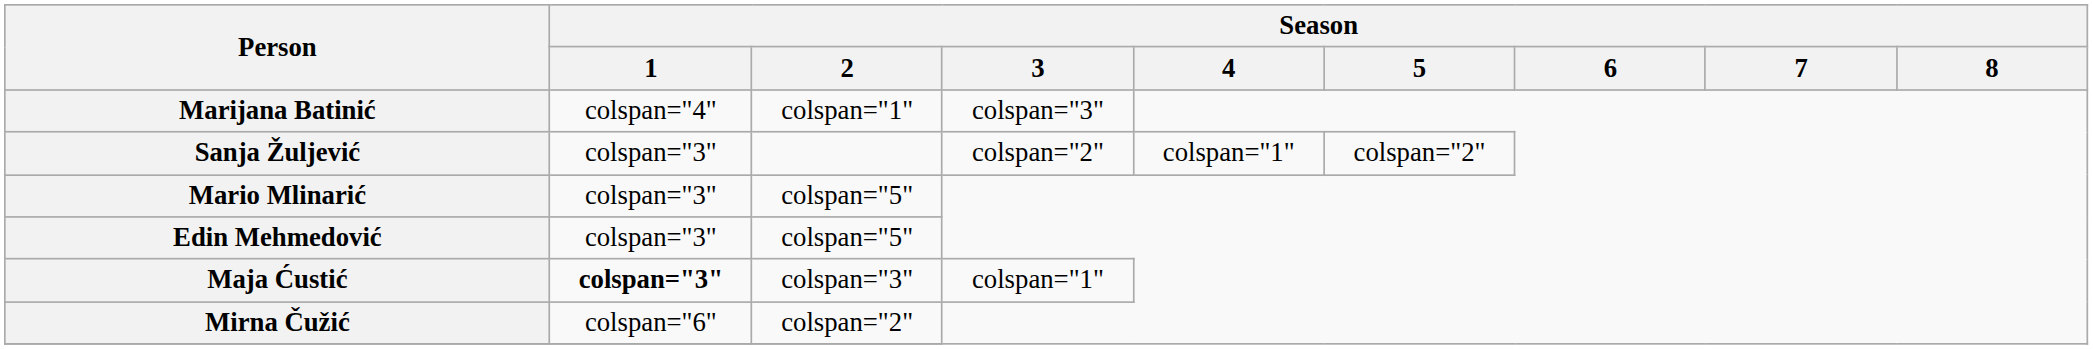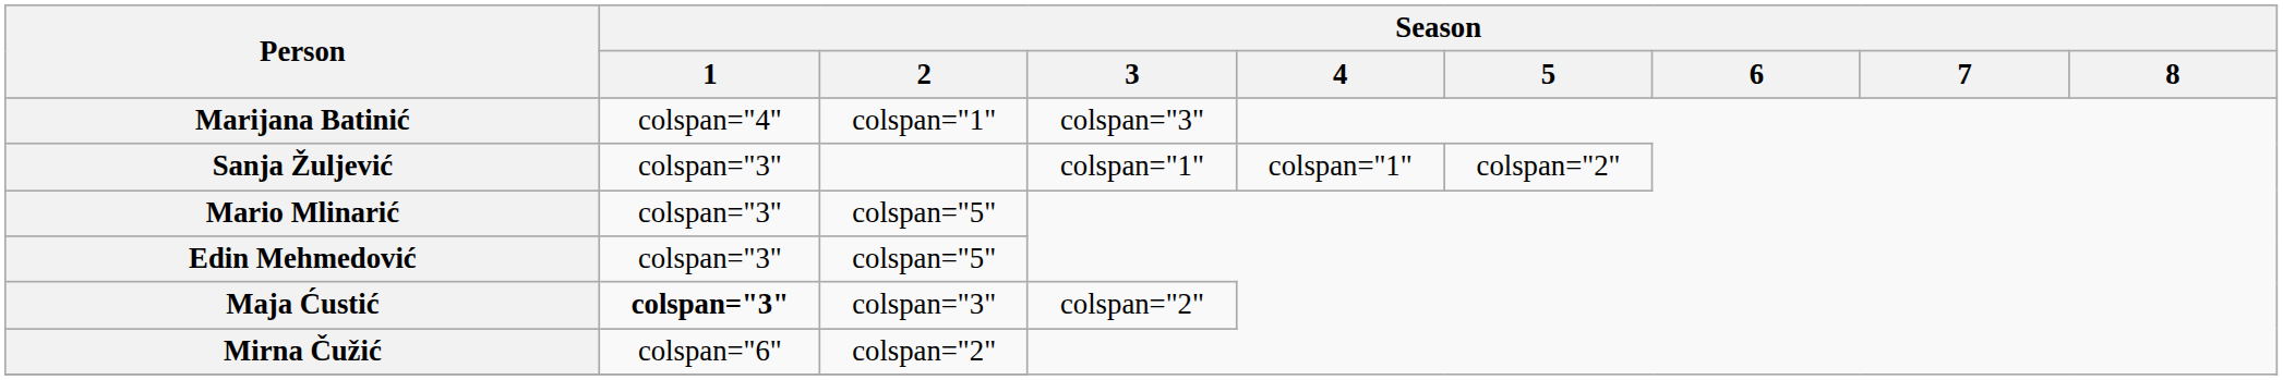 <table class="wikitable plainrowheaders" style="text-align:center">
 <tr>
 <th rowspan="2" style="width:20%;" scope="col">Person</th>
 <th colspan="8">Season</th>
 </tr>
 <tr>
 <th style="width:7%;" scope="colspan">1</th>
 <th style="width:7%;" scope="colspan">2</th>
 <th style="width:7%;" scope="colspan">3</th>
 <th style="width:7%;" scope="colspan">4</th>
 <th style="width:7%;" scope="colspan">5</th>
 <th style="width:7%;" scope="colspan">6</th>
 <th style="width:7%;" scope="colspan">7</th>
 <th style="width:7%;" scope="colspan">8</th>
 </tr>
 <tr>
 <th scope="row" style="text-align: center;">Marijana Batinić</th>
 <td>colspan="4" </td>
 <td>colspan="1" </td>
 <td>colspan="3" </td>
 </tr>
 <tr>
 <th scope="row" style="text-align: center;">Sanja Žuljević</th>
 <td>colspan="3" </td>
 <td></td>
-<td>colspan="2" </td>
+<td>colspan="1" </td>
 <td>colspan="1" </td>
 <td>colspan="2" </td>
 </tr>
 <tr>
 <th scope="row" style="text-align: center;">Mario Mlinarić</th>
 <td>colspan="3" </td>
 <td>colspan="5" </td>
 </tr>
 <tr>
 <th scope="row" style="text-align: center;">Edin Mehmedović</th>
 <td>colspan="3" </td>
 <td>colspan="5" </td>
 </tr>
 <tr>
 <th scope="row" style="text-align: center;">Maja Ćustić</th>
 <td><strong>colspan="3" </strong></td>
 <td>colspan="3" </td>
-<td>colspan="1" </td>
+<td>colspan="2" </td>
 </tr>
 <tr>
 <th scope="row" style="text-align: center;">Mirna Čužić</th>
 <td>colspan="6" </td>
 <td>colspan="2" </td>
 </tr>
 <tr>
 </tr>
 </table>
